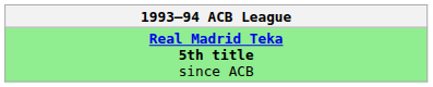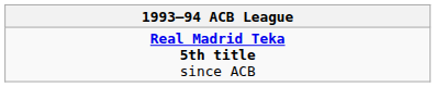 <table class="wikitable" style="margin: 0 auto; width: 20%;">
 <tr>
 <th>1993–94 ACB League</th>
 </tr>
 <tr>
-<td align=center style="background: lightgreen;"><strong><a href='#'>Real Madrid Teka</a></strong><br><strong>5th title</strong> <br>since ACB</td>
+<td align=center><strong><a href='#'>Real Madrid Teka</a></strong><br><strong>5th title</strong> <br>since ACB</td>
 </tr>
 </table>
